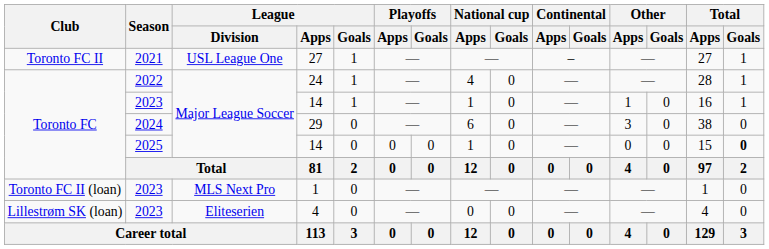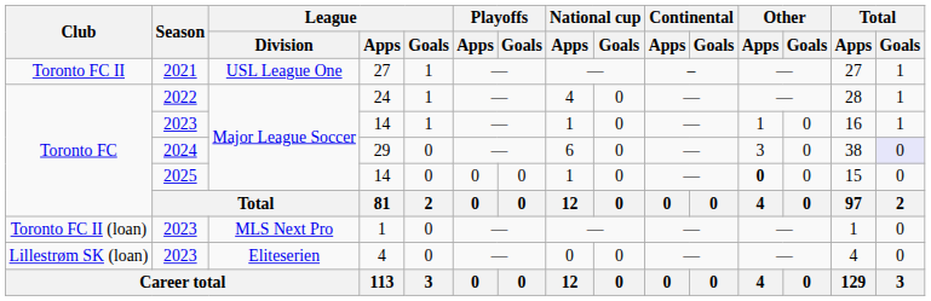 <table class="wikitable" style="text-align: center">
 <tr>
 <th rowspan="2">Club</th>
 <th rowspan="2">Season</th>
 <th colspan="3">League</th>
 <th colspan="2">Playoffs</th>
 <th colspan="2">National cup</th>
 <th colspan="2">Continental</th>
 <th colspan="2">Other</th>
 <th colspan="2">Total</th>
 </tr>
 <tr>
 <th>Division</th>
 <th>Apps</th>
 <th>Goals</th>
 <th>Apps</th>
 <th>Goals</th>
 <th>Apps</th>
 <th>Goals</th>
 <th>Apps</th>
 <th>Goals</th>
 <th>Apps</th>
 <th>Goals</th>
 <th>Apps</th>
 <th>Goals</th>
 </tr>
 <tr>
 <td><a href='#'>Toronto FC II</a></td>
 <td><a href='#'>2021</a></td>
 <td><a href='#'>USL League One</a></td>
 <td>27</td>
 <td>1</td>
 <td colspan=2>—</td>
 <td colspan="2">—</td>
 <td colspan="2">–</td>
 <td colspan="2">—</td>
 <td>27</td>
 <td>1</td>
 </tr>
 <tr>
 <td rowspan=5><a href='#'>Toronto FC</a></td>
 <td><a href='#'>2022</a></td>
 <td rowspan=4><a href='#'>Major League Soccer</a></td>
 <td>24</td>
 <td>1</td>
 <td colspan="2">—</td>
 <td>4</td>
 <td>0</td>
 <td colspan="2">—</td>
 <td colspan="2">—</td>
 <td>28</td>
 <td>1</td>
 </tr>
 <tr>
 <td><a href='#'>2023</a></td>
 <td>14</td>
 <td>1</td>
 <td colspan="2">—</td>
 <td>1</td>
 <td>0</td>
 <td colspan="2">—</td>
 <td>1</td>
 <td>0</td>
 <td>16</td>
 <td>1</td>
 </tr>
 <tr>
 <td><a href='#'>2024</a></td>
 <td>29</td>
 <td>0</td>
 <td colspan="2">—</td>
 <td>6</td>
 <td>0</td>
 <td colspan="2">—</td>
 <td>3</td>
 <td>0</td>
 <td>38</td>
-<td>0</td>
+<td style="background: lavender;">0</td>
 </tr>
 <tr>
 <td><a href='#'>2025</a></td>
 <td>14</td>
 <td>0</td>
 <td>0</td>
 <td>0</td>
 <td>1</td>
 <td>0</td>
 <td colspan="2">—</td>
-<td>0</td>
+<td><strong>0</strong></td>
 <td>0</td>
 <td>15</td>
-<td><strong>0</strong></td>
+<td>0</td>
 </tr>
 <tr>
 <th colspan="2">Total</th>
 <th>81</th>
 <th>2</th>
 <th>0</th>
 <th>0</th>
 <th>12</th>
 <th>0</th>
 <th>0</th>
 <th>0</th>
 <th>4</th>
 <th>0</th>
 <th>97</th>
 <th>2</th>
 </tr>
 <tr>
 <td><a href='#'>Toronto FC II</a> (loan)</td>
 <td><a href='#'>2023</a></td>
 <td><a href='#'>MLS Next Pro</a></td>
 <td>1</td>
 <td>0</td>
 <td colspan="2">—</td>
 <td colspan="2">—</td>
 <td colspan="2">—</td>
 <td colspan="2">—</td>
 <td>1</td>
 <td>0</td>
 </tr>
 <tr>
 <td><a href='#'>Lillestrøm SK</a> (loan)</td>
 <td><a href='#'>2023</a></td>
 <td><a href='#'>Eliteserien</a></td>
 <td>4</td>
 <td>0</td>
 <td colspan="2">—</td>
 <td>0</td>
 <td>0</td>
 <td colspan="2">—</td>
 <td colspan="2">—</td>
 <td>4</td>
 <td>0</td>
 </tr>
 <tr>
 <th colspan="3">Career total</th>
 <th>113</th>
 <th>3</th>
 <th>0</th>
 <th>0</th>
 <th>12</th>
 <th>0</th>
 <th>0</th>
 <th>0</th>
 <th>4</th>
 <th>0</th>
 <th>129</th>
 <th>3</th>
 </tr>
 </table>
